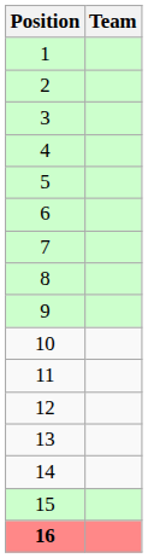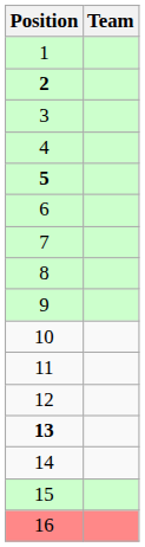 <table class="wikitable" style="text-align:center">
 <tr>
 <th>Position</th>
 <th>Team</th>
 </tr>
 <tr style="background:#cfc;">
 <td>1</td>
 <td></td>
 </tr>
 <tr style="background:#cfc;">
-<td>2</td>
+<td><strong>2</strong></td>
 <td></td>
 </tr>
 <tr style="background:#cfc;">
 <td>3</td>
 <td></td>
 </tr>
 <tr style="background:#cfc;">
 <td>4</td>
 <td></td>
 </tr>
 <tr style="background:#cfc;">
-<td>5</td>
+<td><strong>5</strong></td>
 <td></td>
 </tr>
 <tr style="background:#cfc;">
 <td>6</td>
 <td></td>
 </tr>
 <tr style="background:#cfc;">
 <td>7</td>
 <td></td>
 </tr>
 <tr style="background:#cfc;">
 <td>8</td>
 <td></td>
 </tr>
 <tr style="background:#cfc;">
 <td>9</td>
 <td></td>
 </tr>
 <tr style="background:#FF FA CD;">
 <td>10</td>
 <td></td>
 </tr>
 <tr style="background:#FF FA CD;">
 <td>11</td>
 <td></td>
 </tr>
 <tr style="background:#FF FA CD;">
 <td>12</td>
 <td></td>
 </tr>
 <tr style="background:#FF FA CD;">
-<td>13</td>
+<td><strong>13</strong></td>
 <td></td>
 </tr>
 <tr style="background:#FF FA CD;">
 <td>14</td>
 <td></td>
 </tr>
 <tr style="background:#cfc;">
 <td>15</td>
 <td></td>
 </tr>
 <tr style="background:#FF8888;">
-<td><strong>16</strong></td>
+<td>16</td>
 <td></td>
 </tr>
 </table>
